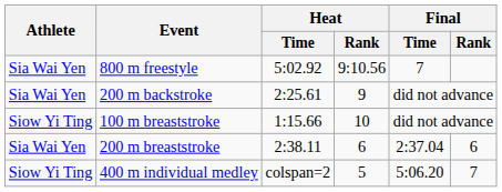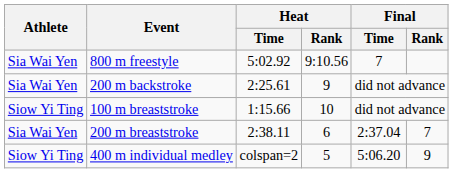 <table class=wikitable style=font-size:90%>
 <tr>
 <th rowspan=2>Athlete</th>
 <th rowspan=2>Event</th>
 <th colspan=2>Heat</th>
 <th colspan=2>Final</th>
 </tr>
 <tr style=font-size:95%>
 <th>Time</th>
 <th>Rank</th>
 <th>Time</th>
 <th>Rank</th>
 </tr>
 <tr align=center>
 <td align=left><a href='#'>Sia Wai Yen</a></td>
 <td align=left><a href='#'>800 m freestyle</a></td>
 <td>5:02.92</td>
 <td>9:10.56</td>
 <td>7</td>
 </tr>
 <tr align=center>
 <td align=left><a href='#'>Sia Wai Yen</a></td>
 <td align=left><a href='#'>200 m backstroke</a></td>
 <td>2:25.61</td>
 <td>9</td>
 <td colspan=2>did not advance</td>
 </tr>
 <tr align=center>
 <td align=left><a href='#'>Siow Yi Ting</a></td>
 <td align=left><a href='#'>100 m breaststroke</a></td>
 <td>1:15.66</td>
 <td>10</td>
 <td colspan=2>did not advance</td>
 </tr>
 <tr align=center>
 <td align=left><a href='#'>Sia Wai Yen</a></td>
 <td align=left><a href='#'>200 m breaststroke</a></td>
 <td>2:38.11</td>
 <td>6 <strong></strong></td>
 <td>2:37.04</td>
-<td>6</td>
+<td>7</td>
 </tr>
 <tr align=center>
 <td align=left><a href='#'>Siow Yi Ting</a></td>
 <td align=left><a href='#'>400 m individual medley</a></td>
 <td>colspan=2 </td>
 <td>5 <strong></strong></td>
 <td>5:06.20</td>
-<td>7</td>
+<td>9</td>
 </tr>
 </table>
